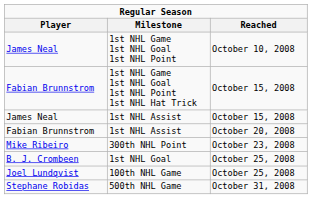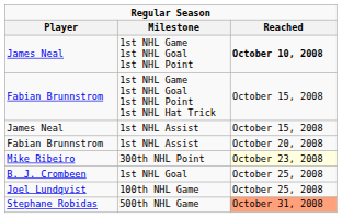 <table class="wikitable" width="52%">
 <tr>
 <td colspan="10" align="center"><strong>Regular Season</strong></td>
 </tr>
 <tr>
 <th>Player</th>
 <th>Milestone</th>
 <th>Reached</th>
 </tr>
 <tr>
 <td><a href='#'>James Neal</a></td>
 <td>1st NHL Game<br>1st NHL Goal<br>1st NHL Point</td>
-<td>October 10, 2008</td>
+<td><strong>October 10, 2008</strong></td>
 </tr>
 <tr>
 <td><a href='#'>Fabian Brunnstrom</a></td>
 <td>1st NHL Game<br>1st NHL Goal<br>1st NHL Point<br>1st NHL Hat Trick</td>
 <td>October 15, 2008</td>
 </tr>
 <tr>
 <td>James Neal</td>
 <td>1st NHL Assist</td>
 <td>October 15, 2008</td>
 </tr>
 <tr>
 <td>Fabian Brunnstrom</td>
 <td>1st NHL Assist</td>
 <td>October 20, 2008</td>
 </tr>
 <tr>
 <td><a href='#'>Mike Ribeiro</a></td>
 <td>300th NHL Point</td>
-<td>October 23, 2008</td>
+<td style="background: lightyellow;">October 23, 2008</td>
 </tr>
 <tr>
 <td><a href='#'>B. J. Crombeen</a></td>
 <td>1st NHL Goal</td>
 <td>October 25, 2008</td>
 </tr>
 <tr>
 <td><a href='#'>Joel Lundqvist</a></td>
 <td>100th NHL Game</td>
 <td>October 25, 2008</td>
 </tr>
 <tr>
 <td><a href='#'>Stephane Robidas</a></td>
 <td>500th NHL Game</td>
-<td>October 31, 2008</td>
+<td style="background: lightsalmon;">October 31, 2008</td>
 </tr>
 </table>
